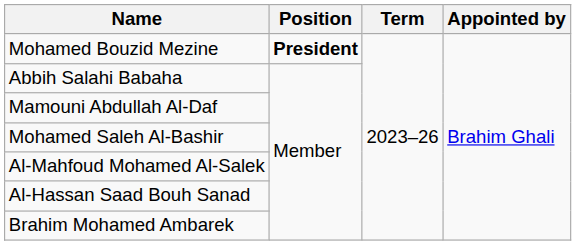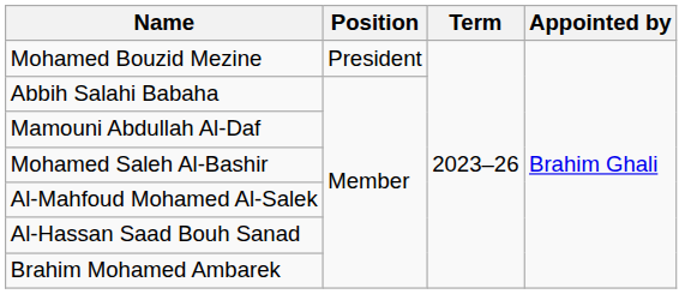 <table class="wikitable" align="center">
 <tr>
 <th scope="col">Name</th>
 <th scope="col">Position</th>
 <th scope="col">Term</th>
 <th scope="col">Appointed by</th>
 </tr>
 <tr>
 <td scope="row">Mohamed Bouzid Mezine</td>
-<td><strong>President</strong></td>
+<td>President</td>
 <td rowspan="7">2023–26</td>
 <td rowspan="7"><a href='#'>Brahim Ghali</a></td>
 </tr>
 <tr>
 <td scope="row">Abbih Salahi Babaha</td>
 <td rowspan="6">Member</td>
 </tr>
 <tr>
 <td scope="row">Mamouni Abdullah Al-Daf</td>
 </tr>
 <tr>
 <td scope="row">Mohamed Saleh Al-Bashir</td>
 </tr>
 <tr>
 <td scope="row">Al-Mahfoud Mohamed Al-Salek</td>
 </tr>
 <tr>
 <td scope="row">Al-Hassan Saad Bouh Sanad</td>
 </tr>
 <tr>
 <td scope="row">Brahim Mohamed Ambarek</td>
 </tr>
 </table>
